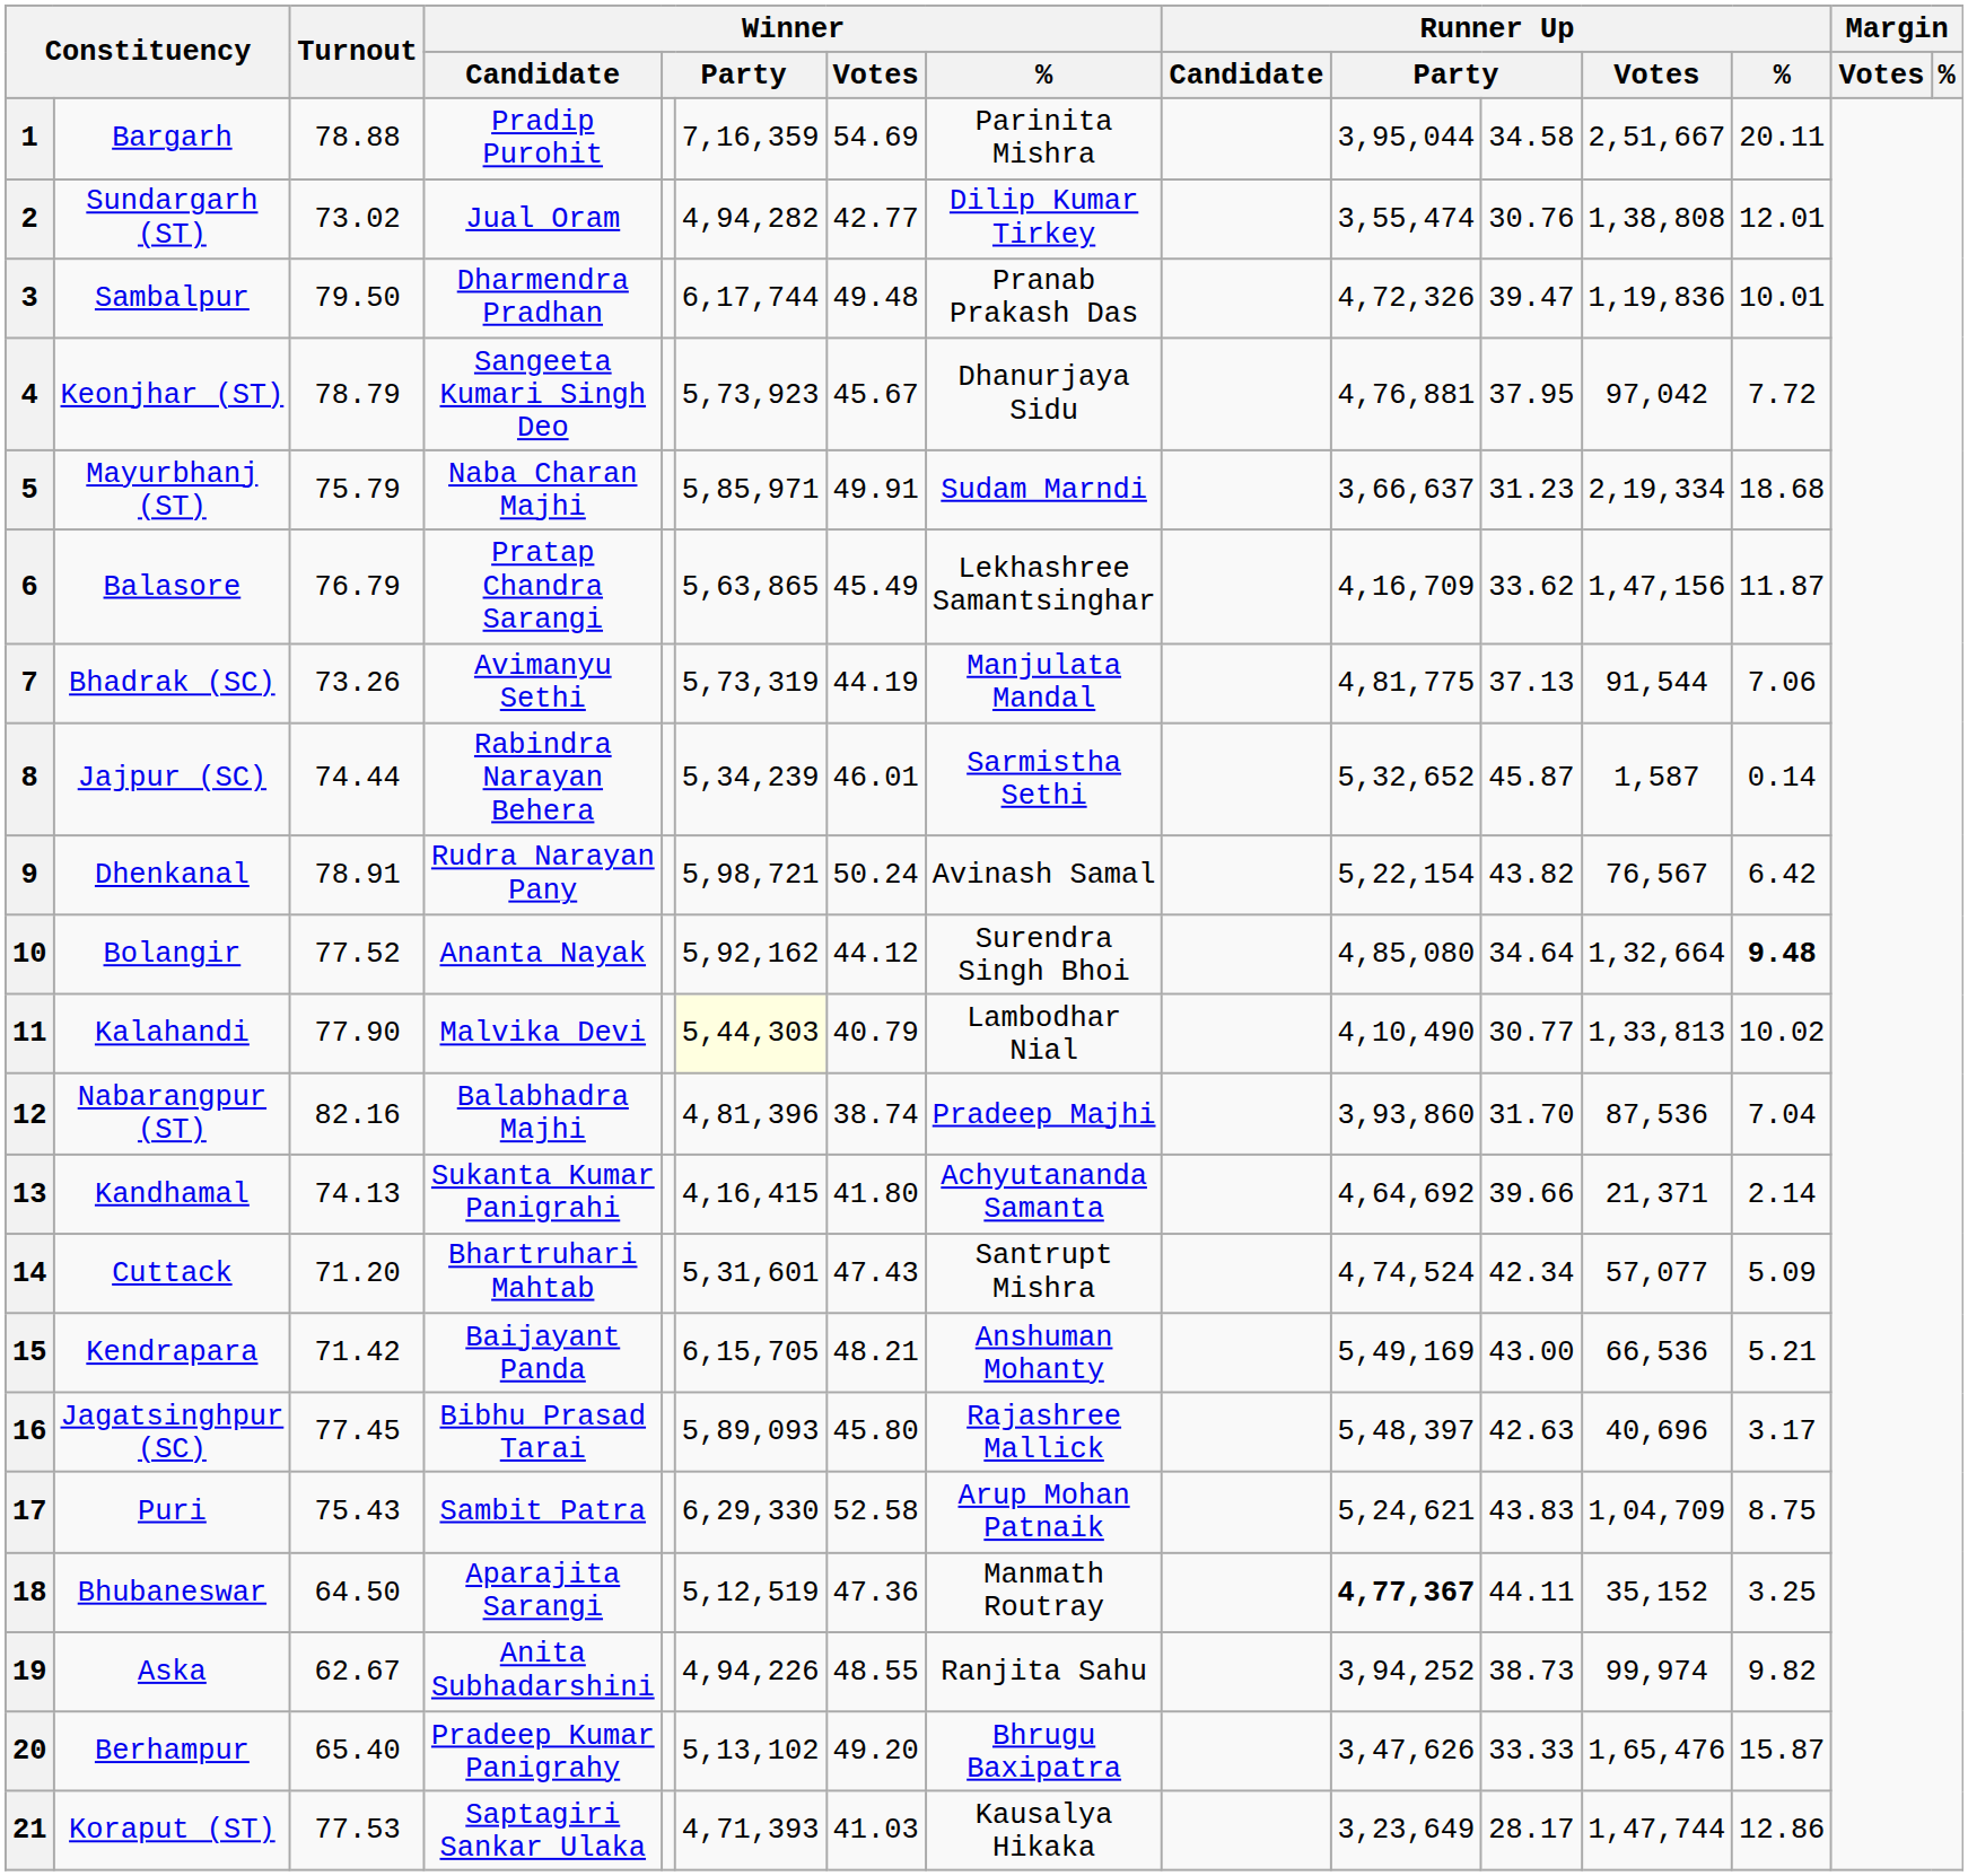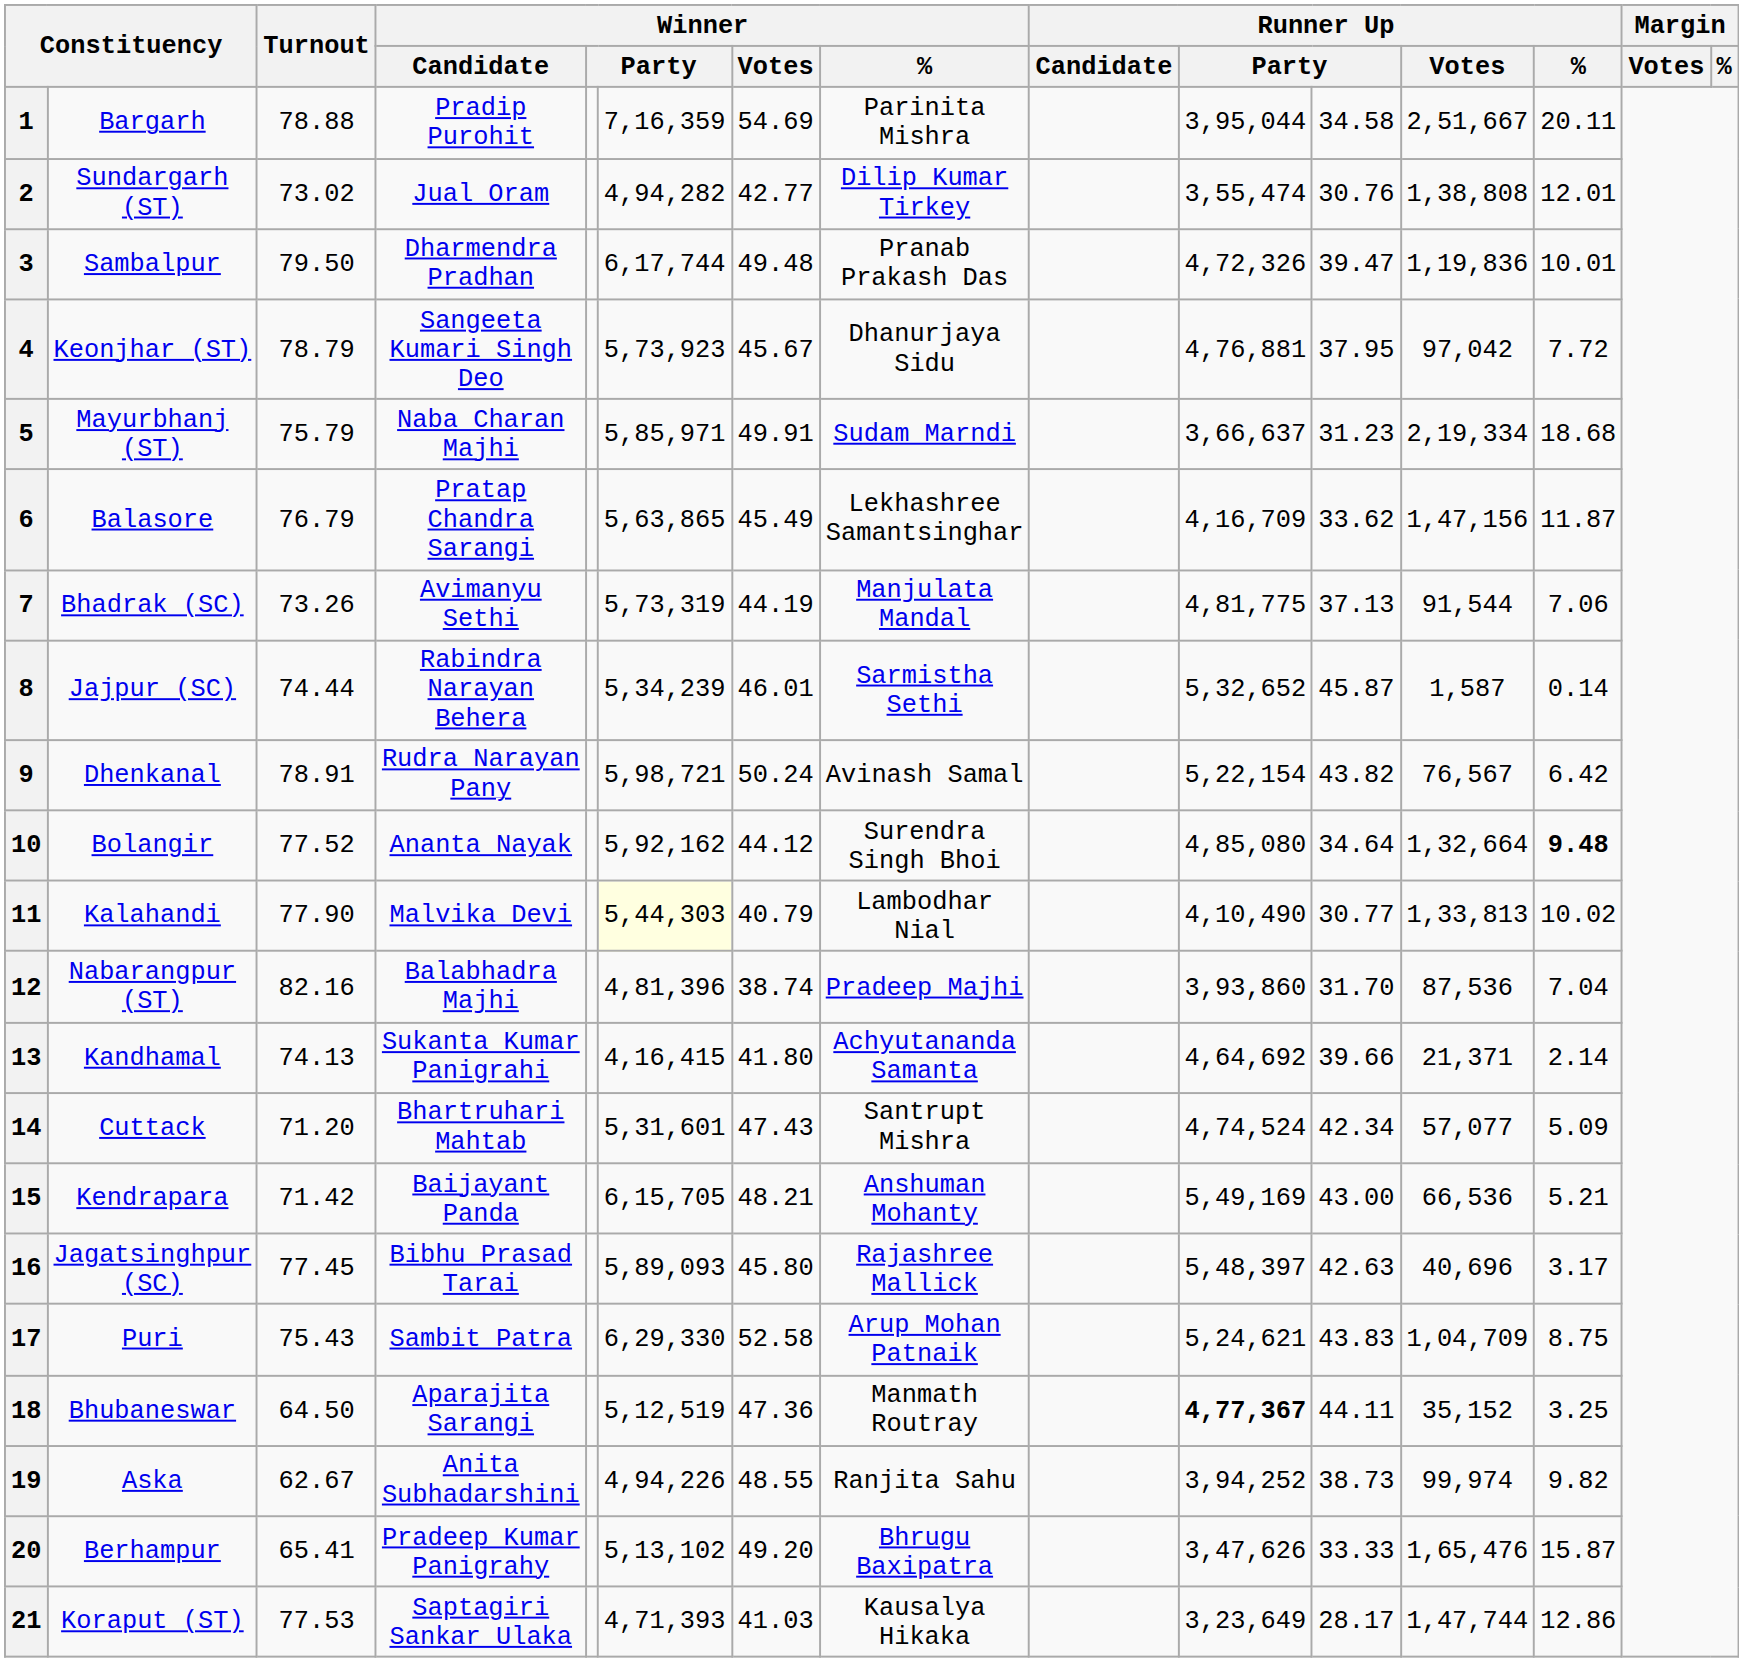 <table class="wikitable sortable" style="text-align:center;">
 <tr>
 <th colspan="2" rowspan="2">Constituency</th>
 <th rowspan="2">Turnout</th>
 <th colspan="5">Winner</th>
 <th colspan="5">Runner Up</th>
 <th colspan="2">Margin</th>
 </tr>
 <tr>
 <th>Candidate</th>
 <th colspan="2">Party</th>
 <th>Votes</th>
 <th>%</th>
 <th>Candidate</th>
 <th colspan="2">Party</th>
 <th>Votes</th>
 <th>%</th>
 <th>Votes</th>
 <th>%</th>
 </tr>
 <tr>
 <th>1</th>
 <td><a href='#'>Bargarh</a></td>
 <td>78.88</td>
 <td><a href='#'>Pradip Purohit</a></td>
 <td></td>
 <td>7,16,359</td>
 <td>54.69</td>
 <td>Parinita Mishra</td>
 <td></td>
 <td>3,95,044</td>
 <td>34.58</td>
 <td style="background:">2,51,667</td>
 <td style="background:">20.11</td>
 </tr>
 <tr>
 <th>2</th>
 <td><a href='#'>Sundargarh (ST)</a></td>
 <td>73.02</td>
 <td><a href='#'>Jual Oram</a></td>
 <td></td>
 <td>4,94,282</td>
 <td>42.77</td>
 <td><a href='#'>Dilip Kumar Tirkey</a></td>
 <td></td>
 <td>3,55,474</td>
 <td>30.76</td>
 <td style="background:">1,38,808</td>
 <td style="background:">12.01</td>
 </tr>
 <tr>
 <th>3</th>
 <td><a href='#'>Sambalpur</a></td>
 <td>79.50</td>
 <td><a href='#'>Dharmendra Pradhan</a></td>
 <td></td>
 <td>6,17,744</td>
 <td>49.48</td>
 <td>Pranab Prakash Das</td>
 <td></td>
 <td>4,72,326</td>
 <td>39.47</td>
 <td style="background:">1,19,836</td>
 <td style="background:">10.01</td>
 </tr>
 <tr>
 <th>4</th>
 <td><a href='#'>Keonjhar (ST)</a></td>
 <td>78.79</td>
 <td><a href='#'>Sangeeta Kumari Singh Deo</a></td>
 <td></td>
 <td>5,73,923</td>
 <td>45.67</td>
 <td>Dhanurjaya Sidu</td>
 <td></td>
 <td>4,76,881</td>
 <td>37.95</td>
 <td style="background:">97,042</td>
 <td style="background:">7.72</td>
 </tr>
 <tr>
 <th>5</th>
 <td><a href='#'>Mayurbhanj (ST)</a></td>
 <td>75.79</td>
 <td><a href='#'>Naba Charan Majhi</a></td>
 <td></td>
 <td>5,85,971</td>
 <td>49.91</td>
 <td><a href='#'>Sudam Marndi</a></td>
 <td></td>
 <td>3,66,637</td>
 <td>31.23</td>
 <td style="background:">2,19,334</td>
 <td style="background:">18.68</td>
 </tr>
 <tr>
 <th>6</th>
 <td><a href='#'>Balasore</a></td>
 <td>76.79</td>
 <td><a href='#'>Pratap Chandra Sarangi</a></td>
 <td></td>
 <td>5,63,865</td>
 <td>45.49</td>
 <td>Lekhashree Samantsinghar</td>
 <td></td>
 <td>4,16,709</td>
 <td>33.62</td>
 <td style="background:">1,47,156</td>
 <td style="background:">11.87</td>
 </tr>
 <tr>
 <th>7</th>
 <td><a href='#'>Bhadrak (SC)</a></td>
 <td>73.26</td>
 <td><a href='#'>Avimanyu Sethi</a></td>
 <td></td>
 <td>5,73,319</td>
 <td>44.19</td>
 <td><a href='#'>Manjulata Mandal</a></td>
 <td></td>
 <td>4,81,775</td>
 <td>37.13</td>
 <td style="background:">91,544</td>
 <td style="background:">7.06</td>
 </tr>
 <tr>
 <th>8</th>
 <td><a href='#'>Jajpur (SC)</a></td>
 <td>74.44</td>
 <td><a href='#'>Rabindra Narayan Behera</a></td>
 <td></td>
 <td>5,34,239</td>
 <td>46.01</td>
 <td><a href='#'>Sarmistha Sethi</a></td>
 <td></td>
 <td>5,32,652</td>
 <td>45.87</td>
 <td style="background:">1,587</td>
 <td style="background:">0.14</td>
 </tr>
 <tr>
 <th>9</th>
 <td><a href='#'>Dhenkanal</a></td>
 <td>78.91</td>
 <td><a href='#'>Rudra Narayan Pany</a></td>
 <td></td>
 <td>5,98,721</td>
 <td>50.24</td>
 <td>Avinash Samal</td>
 <td></td>
 <td>5,22,154</td>
 <td>43.82</td>
 <td style="background:">76,567</td>
 <td style="background:">6.42</td>
 </tr>
 <tr>
 <th>10</th>
 <td><a href='#'>Bolangir</a></td>
 <td>77.52</td>
 <td><a href='#'>Ananta Nayak</a></td>
 <td></td>
 <td>5,92,162</td>
 <td>44.12</td>
 <td>Surendra Singh Bhoi</td>
 <td></td>
 <td>4,85,080</td>
 <td>34.64</td>
 <td style="background:">1,32,664</td>
 <td style="background:"><strong>9.48</strong></td>
 </tr>
 <tr>
 <th>11</th>
 <td><a href='#'>Kalahandi</a></td>
 <td>77.90</td>
 <td><a href='#'>Malvika Devi</a></td>
 <td></td>
 <td style="background: lightyellow;">5,44,303</td>
 <td>40.79</td>
 <td>Lambodhar Nial</td>
 <td></td>
 <td>4,10,490</td>
 <td>30.77</td>
 <td style="background:">1,33,813</td>
 <td style="background:">10.02</td>
 </tr>
 <tr>
 <th>12</th>
 <td><a href='#'>Nabarangpur (ST)</a></td>
 <td>82.16</td>
 <td><a href='#'>Balabhadra Majhi</a></td>
 <td></td>
 <td>4,81,396</td>
 <td>38.74</td>
 <td><a href='#'>Pradeep Majhi</a></td>
 <td></td>
 <td>3,93,860</td>
 <td>31.70</td>
 <td style="background:">87,536</td>
 <td style="background:">7.04</td>
 </tr>
 <tr>
 <th>13</th>
 <td><a href='#'>Kandhamal</a></td>
 <td>74.13</td>
 <td><a href='#'>Sukanta Kumar Panigrahi</a></td>
 <td></td>
 <td>4,16,415</td>
 <td>41.80</td>
 <td><a href='#'>Achyutananda Samanta</a></td>
 <td></td>
 <td>4,64,692</td>
 <td>39.66</td>
 <td style="background:">21,371</td>
 <td style="background:">2.14</td>
 </tr>
 <tr>
 <th>14</th>
 <td><a href='#'>Cuttack</a></td>
 <td>71.20</td>
 <td><a href='#'>Bhartruhari Mahtab</a></td>
 <td></td>
 <td>5,31,601</td>
 <td>47.43</td>
 <td>Santrupt Mishra</td>
 <td></td>
 <td>4,74,524</td>
 <td>42.34</td>
 <td style="background:">57,077</td>
 <td style="background:">5.09</td>
 </tr>
 <tr>
 <th>15</th>
 <td><a href='#'>Kendrapara</a></td>
 <td>71.42</td>
 <td><a href='#'>Baijayant Panda</a></td>
 <td></td>
 <td>6,15,705</td>
 <td>48.21</td>
 <td><a href='#'>Anshuman Mohanty</a></td>
 <td></td>
 <td>5,49,169</td>
 <td>43.00</td>
 <td style="background:">66,536</td>
 <td style="background:">5.21</td>
 </tr>
 <tr>
 <th>16</th>
 <td><a href='#'>Jagatsinghpur (SC)</a></td>
 <td>77.45</td>
 <td><a href='#'>Bibhu Prasad Tarai</a></td>
 <td></td>
 <td>5,89,093</td>
 <td>45.80</td>
 <td><a href='#'>Rajashree Mallick</a></td>
 <td></td>
 <td>5,48,397</td>
 <td>42.63</td>
 <td style="background:">40,696</td>
 <td style="background:">3.17</td>
 </tr>
 <tr>
 <th>17</th>
 <td><a href='#'>Puri</a></td>
 <td>75.43</td>
 <td><a href='#'>Sambit Patra</a></td>
 <td></td>
 <td>6,29,330</td>
 <td>52.58</td>
 <td><a href='#'>Arup Mohan Patnaik</a></td>
 <td></td>
 <td>5,24,621</td>
 <td>43.83</td>
 <td style="background:">1,04,709</td>
 <td style="background:">8.75</td>
 </tr>
 <tr>
 <th>18</th>
 <td><a href='#'>Bhubaneswar</a></td>
 <td>64.50</td>
 <td><a href='#'>Aparajita Sarangi</a></td>
 <td></td>
 <td>5,12,519</td>
 <td>47.36</td>
 <td>Manmath Routray</td>
 <td></td>
 <td><strong>4,77,367</strong></td>
 <td>44.11</td>
 <td style="background:">35,152</td>
 <td style="background:">3.25</td>
 </tr>
 <tr>
 <th>19</th>
 <td><a href='#'>Aska</a></td>
 <td>62.67</td>
 <td><a href='#'>Anita Subhadarshini</a></td>
 <td></td>
 <td>4,94,226</td>
 <td>48.55</td>
 <td>Ranjita Sahu</td>
 <td></td>
 <td>3,94,252</td>
 <td>38.73</td>
 <td style="background:">99,974</td>
 <td style="background:">9.82</td>
 </tr>
 <tr>
 <th>20</th>
 <td><a href='#'>Berhampur</a></td>
-<td>65.40</td>
+<td>65.41</td>
 <td><a href='#'>Pradeep Kumar Panigrahy</a></td>
 <td></td>
 <td>5,13,102</td>
 <td>49.20</td>
 <td><a href='#'>Bhrugu Baxipatra</a></td>
 <td></td>
 <td>3,47,626</td>
 <td>33.33</td>
 <td style="background:">1,65,476</td>
 <td style="background:">15.87</td>
 </tr>
 <tr>
 <th>21</th>
 <td><a href='#'>Koraput (ST)</a></td>
 <td>77.53</td>
 <td><a href='#'>Saptagiri Sankar Ulaka</a></td>
 <td></td>
 <td>4,71,393</td>
 <td>41.03</td>
 <td>Kausalya Hikaka</td>
 <td></td>
 <td>3,23,649</td>
 <td>28.17</td>
 <td style="background:">1,47,744</td>
 <td style="background:">12.86</td>
 </tr>
 </table>
